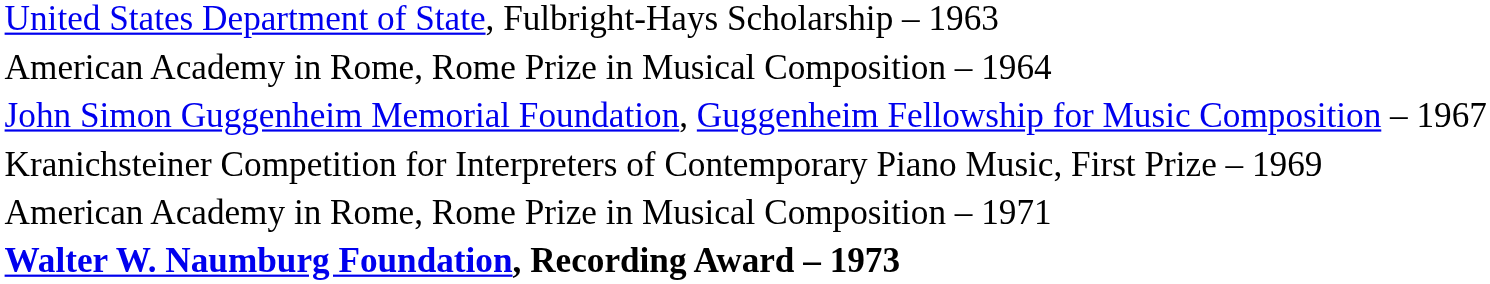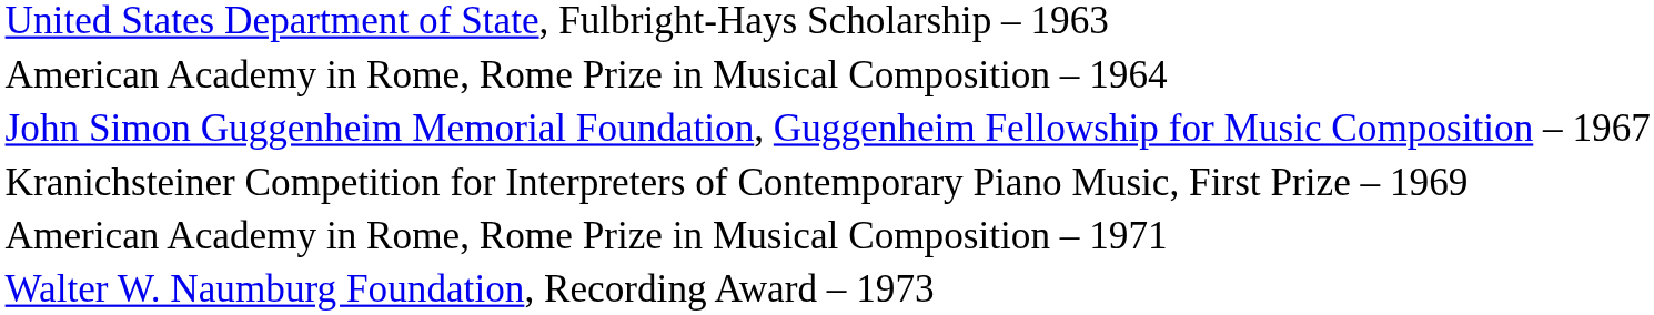 <table>
 <tr>
 <td><a href='#'>United States Department of State</a>, Fulbright-Hays Scholarship – 1963</td>
 </tr>
 <tr>
 <td>American Academy in Rome, Rome Prize in Musical Composition – 1964</td>
 </tr>
 <tr>
 <td><a href='#'>John Simon Guggenheim Memorial Foundation</a>, <a href='#'>Guggenheim Fellowship for Music Composition</a> – 1967</td>
 </tr>
 <tr>
 <td>Kranichsteiner Competition for Interpreters of Contemporary Piano Music, First Prize – 1969</td>
 </tr>
 <tr>
 <td>American Academy in Rome, Rome Prize in Musical Composition – 1971</td>
 </tr>
 <tr>
-<td><strong><a href='#'>Walter W. Naumburg Foundation</a>, Recording Award – 1973</strong></td>
+<td><a href='#'>Walter W. Naumburg Foundation</a>, Recording Award – 1973</td>
 </tr>
 </table>
